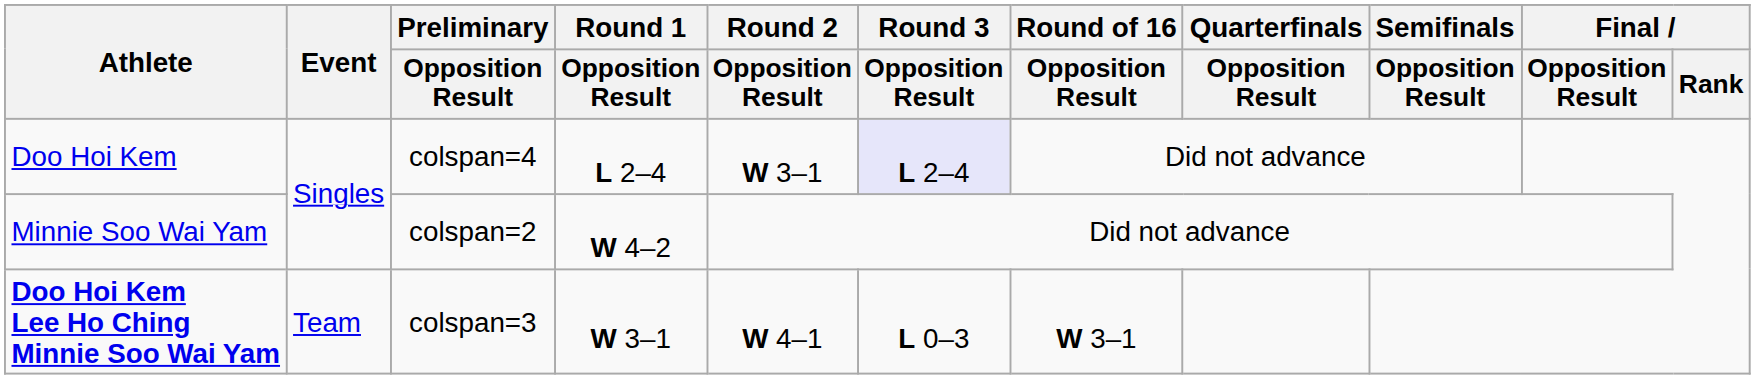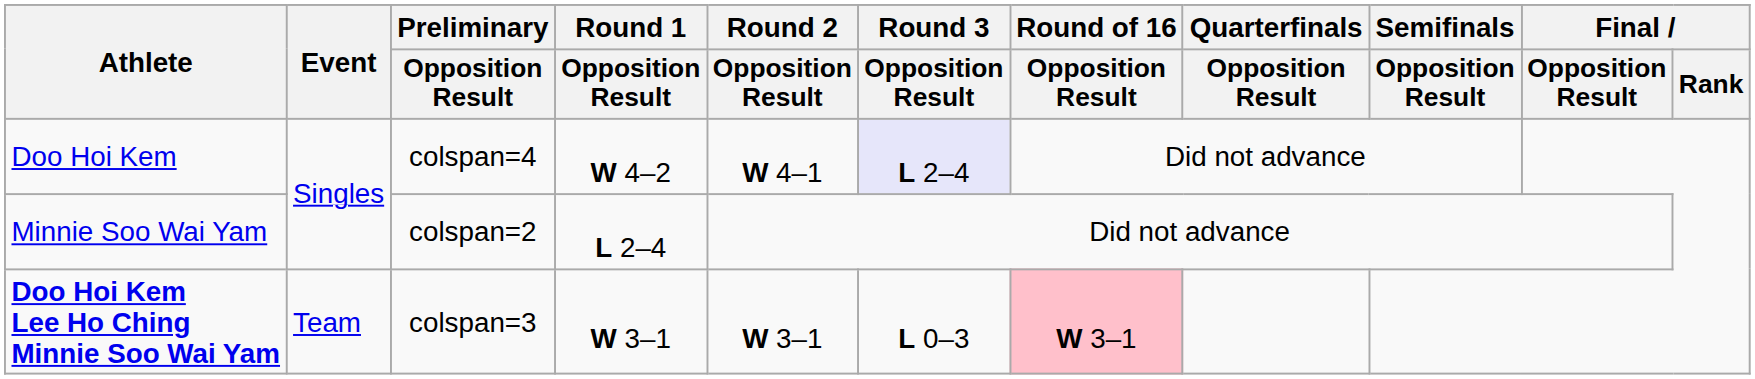 <table class="wikitable" style="font-size:90%;">
 <tr>
 <th rowspan=2>Athlete</th>
 <th rowspan=2>Event</th>
 <th>Preliminary</th>
 <th>Round 1</th>
 <th>Round 2</th>
 <th>Round 3</th>
 <th>Round of 16</th>
 <th>Quarterfinals</th>
 <th>Semifinals</th>
 <th colspan=2>Final / </th>
 </tr>
 <tr style="font-size:95%">
 <th>Opposition<br>Result</th>
 <th>Opposition<br>Result</th>
 <th>Opposition<br>Result</th>
 <th>Opposition<br>Result</th>
 <th>Opposition<br>Result</th>
 <th>Opposition<br>Result</th>
 <th>Opposition<br>Result</th>
 <th>Opposition<br>Result</th>
 <th>Rank</th>
 </tr>
 <tr align=center>
 <td align=left><a href='#'>Doo Hoi Kem</a></td>
 <td align=left rowspan=2><a href='#'>Singles</a></td>
 <td>colspan=4 </td>
-<td><br><strong>L</strong> 2–4</td>
-<td><br><strong>W</strong> 3–1</td>
+<td><br><strong>W</strong> 4–2</td>
+<td><br><strong>W</strong> 4–1</td>
 <td style="background: lavender;"> <br> <strong>L</strong> 2–4</td>
 <td colspan=3>Did not advance</td>
 </tr>
 <tr align=center>
 <td align=left><a href='#'>Minnie Soo Wai Yam</a></td>
 <td>colspan=2 </td>
-<td><br><strong>W</strong> 4–2</td>
+<td><br><strong>L</strong> 2–4</td>
 <td colspan=6>Did not advance</td>
 </tr>
 <tr align=center>
 <td align=left><strong><a href='#'>Doo Hoi Kem</a><br><a href='#'>Lee Ho Ching</a><br><a href='#'>Minnie Soo Wai Yam</a></strong></td>
 <td align=left><a href='#'>Team</a></td>
 <td>colspan=3 </td>
 <td><br><strong>W</strong> 3–1</td>
-<td><br><strong>W</strong> 4–1</td>
+<td><br><strong>W</strong> 3–1</td>
 <td><br><strong>L</strong> 0–3</td>
-<td><br><strong>W</strong> 3–1</td>
+<td style="background: pink;"><br><strong>W</strong> 3–1</td>
 <td></td>
 </tr>
 </table>
